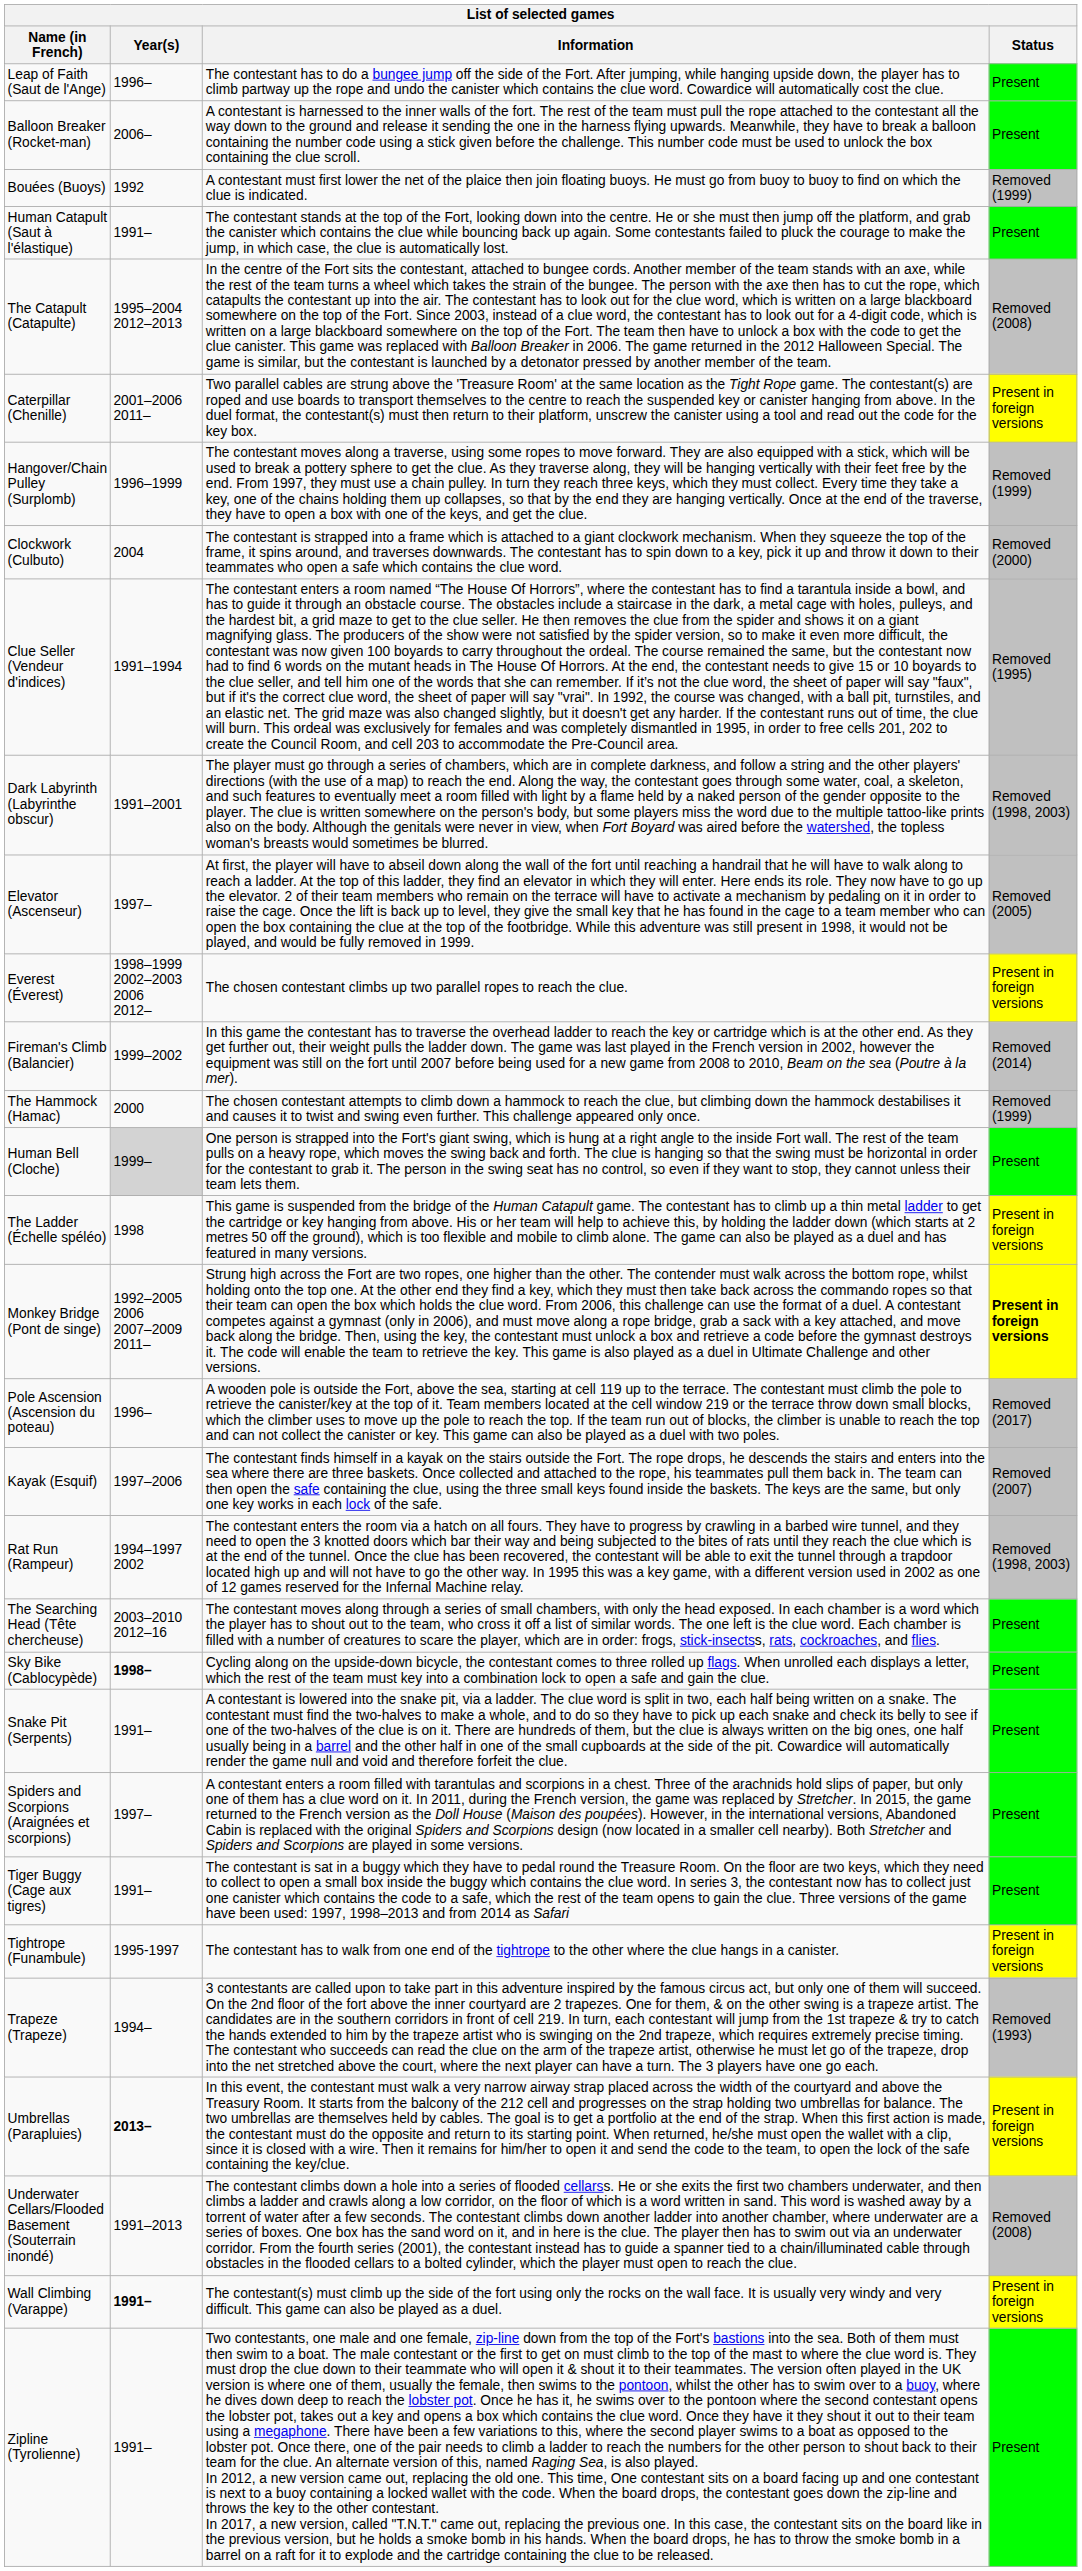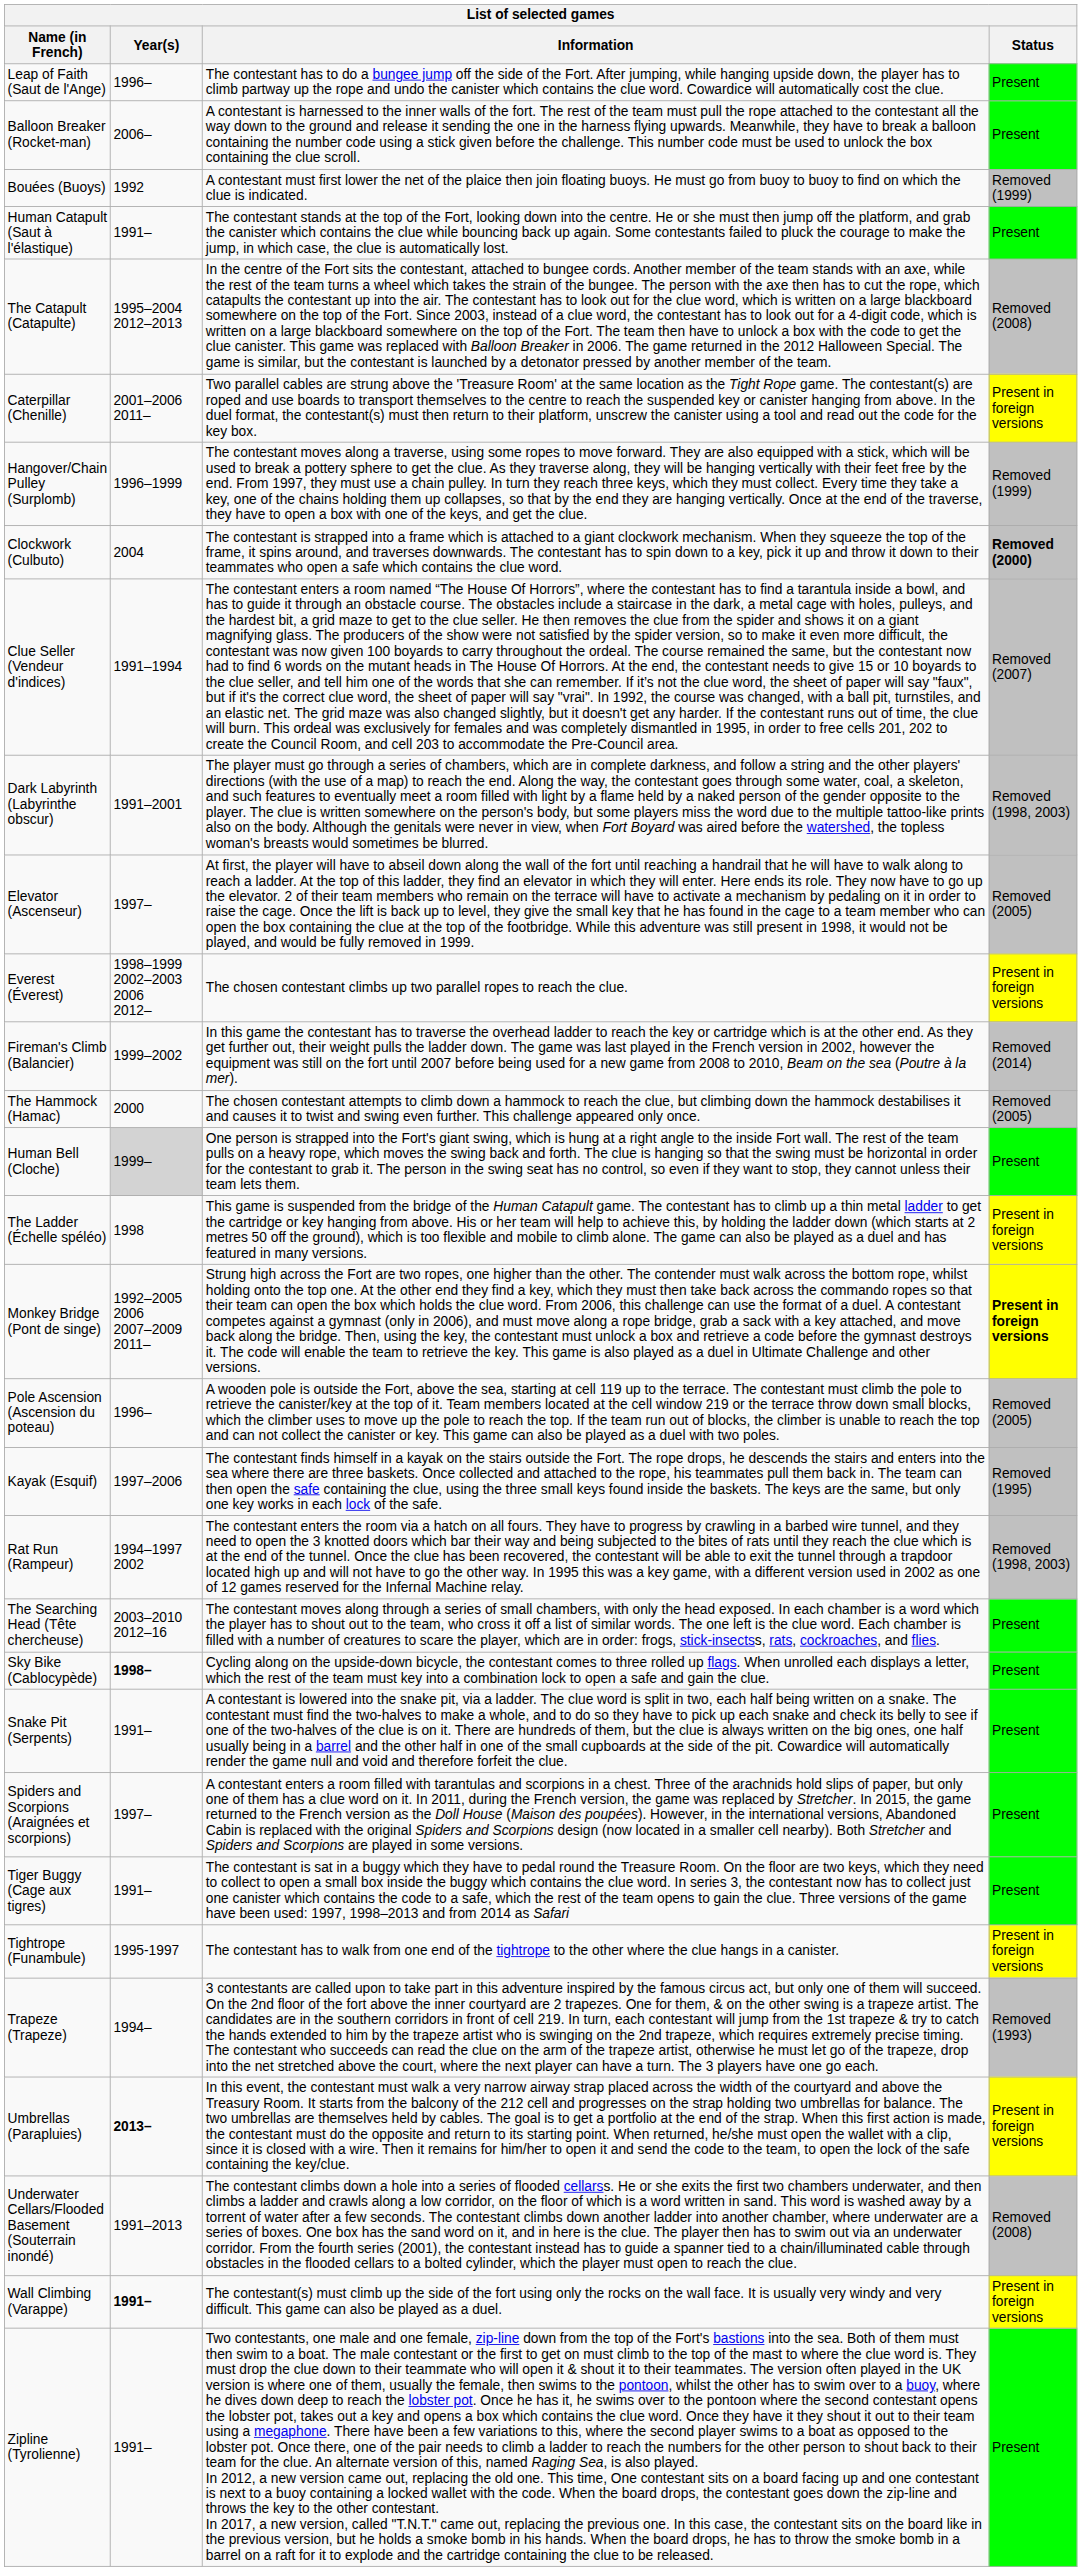 <table class="wikitable collapsible" text-align:center;>
 <tr>
 <th colspan="5">List of selected games</th>
 </tr>
 <tr>
 <th width="100">Name (in French)</th>
 <th width="100">Year(s)</th>
 <th>Information</th>
 <th width="95">Status</th>
 </tr>
 <tr>
 <td>Leap of Faith (Saut de l'Ange)</td>
 <td>1996–</td>
 <td>The contestant has to do a <a href='#'>bungee jump</a> off the side of the Fort. After jumping, while hanging upside down, the player has to climb partway up the rope and undo the canister which contains the clue word. Cowardice will automatically cost the clue.</td>
 <td style="background: lime">Present</td>
 </tr>
 <tr>
 <td>Balloon Breaker (Rocket-man)</td>
 <td>2006–</td>
 <td>A contestant is harnessed to the inner walls of the fort. The rest of the team must pull the rope attached to the contestant all the way down to the ground and release it sending the one in the harness flying upwards. Meanwhile, they have to break a balloon containing the number code using a stick given before the challenge. This number code must be used to unlock the box containing the clue scroll.</td>
 <td style="background: lime">Present</td>
 </tr>
 <tr>
 <td>Bouées (Buoys)</td>
 <td>1992</td>
 <td>A contestant must first lower the net of the plaice then join floating buoys. He must go from buoy to buoy to find on which the clue is indicated.</td>
 <td style="background: silver">Removed (1999)</td>
 </tr>
 <tr>
 <td>Human Catapult (Saut à l'élastique)</td>
 <td>1991–</td>
 <td>The contestant stands at the top of the Fort, looking down into the centre. He or she must then jump off the platform, and grab the canister which contains the clue while bouncing back up again. Some contestants failed to pluck the courage to make the jump, in which case, the clue is automatically lost.</td>
 <td style="background: lime">Present</td>
 </tr>
 <tr>
 <td>The Catapult (Catapulte)</td>
 <td>1995–2004<br>2012–2013</td>
 <td>In the centre of the Fort sits the contestant, attached to bungee cords. Another member of the team stands with an axe, while the rest of the team turns a wheel which takes the strain of the bungee. The person with the axe then has to cut the rope, which catapults the contestant up into the air. The contestant has to look out for the clue word, which is written on a large blackboard somewhere on the top of the Fort. Since 2003, instead of a clue word, the contestant has to look out for a 4-digit code, which is written on a large blackboard somewhere on the top of the Fort. The team then have to unlock a box with the code to get the clue canister. This game was replaced with <em>Balloon Breaker</em> in 2006. The game returned in the 2012 Halloween Special. The game is similar, but the contestant is launched by a detonator pressed by another member of the team.</td>
 <td style="background: silver">Removed (2008)</td>
 </tr>
 <tr>
 <td>Caterpillar (Chenille)</td>
 <td>2001–2006<br>2011–</td>
 <td>Two parallel cables are strung above the 'Treasure Room' at the same location as the <em>Tight Rope</em> game. The contestant(s) are roped and use boards to transport themselves to the centre to reach the suspended key or canister hanging from above. In the duel format, the contestant(s) must then return to their platform, unscrew the canister using a tool and read out the code for the key box.</td>
 <td style="background: yellow">Present in foreign versions</td>
 </tr>
 <tr>
 <td>Hangover/Chain Pulley (Surplomb)</td>
 <td>1996–1999</td>
 <td>The contestant moves along a traverse, using some ropes to move forward. They are also equipped with a stick, which will be used to break a pottery sphere to get the clue. As they traverse along, they will be hanging vertically with their feet free by the end. From 1997, they must use a chain pulley. In turn they reach three keys, which they must collect. Every time they take a key, one of the chains holding them up collapses, so that by the end they are hanging vertically. Once at the end of the traverse, they have to open a box with one of the keys, and get the clue.</td>
 <td style="background: silver">Removed (1999)</td>
 </tr>
 <tr>
 <td>Clockwork (Culbuto)</td>
 <td>2004</td>
 <td>The contestant is strapped into a frame which is attached to a giant clockwork mechanism. When they squeeze the top of the frame, it spins around, and traverses downwards. The contestant has to spin down to a key, pick it up and throw it down to their teammates who open a safe which contains the clue word.</td>
-<td style="background: silver">Removed (2000)</td>
+<td style="background: silver"><strong>Removed (2000)</strong></td>
 </tr>
 <tr>
 <td>Clue Seller (Vendeur d'indices)</td>
 <td>1991–1994</td>
 <td>The contestant enters a room named “The House Of Horrors”, where the contestant has to find a tarantula inside a bowl, and has to guide it through an obstacle course. The obstacles include a staircase in the dark, a metal cage with holes, pulleys, and the hardest bit, a grid maze to get to the clue seller. He then removes the clue from the spider and shows it on a giant magnifying glass. The producers of the show were not satisfied by the spider version, so to make it even more difficult, the contestant was now given 100 boyards to carry throughout the ordeal. The course remained the same, but the contestant now had to find 6 words on the mutant heads in The House Of Horrors. At the end, the contestant needs to give 15 or 10 boyards to the clue seller, and tell him one of the words that she can remember. If it’s not the clue word, the sheet of paper will say "faux", but if it's the correct clue word, the sheet of paper will say "vrai". In 1992, the course was changed, with a ball pit, turnstiles, and an elastic net. The grid maze was also changed slightly, but it doesn't get any harder. If the contestant runs out of time, the clue will burn. This ordeal was exclusively for females and was completely dismantled in 1995, in order to free cells 201, 202 to create the Council Room, and cell 203 to accommodate the Pre-Council area.</td>
-<td style="background: silver">Removed (1995)</td>
+<td style="background: silver">Removed <br>(2007)</td>
 </tr>
 <tr>
 <td>Dark Labyrinth (Labyrinthe obscur)</td>
 <td>1991–2001</td>
 <td>The player must go through a series of chambers, which are in complete darkness, and follow a string and the other players' directions (with the use of a map) to reach the end. Along the way, the contestant goes through some water, coal, a skeleton, and such features to eventually meet a room filled with light by a flame held by a naked person of the gender opposite to the player. The clue is written somewhere on the person's body, but some players miss the word due to the multiple tattoo-like prints also on the body. Although the genitals were never in view, when <em>Fort Boyard</em> was aired before the <a href='#'>watershed</a>, the topless woman's breasts would sometimes be blurred.</td>
 <td style="background: silver">Removed (1998, 2003)</td>
 </tr>
 <tr>
 <td>Elevator (Ascenseur)</td>
 <td>1997–</td>
 <td>At first, the player will have to abseil down along the wall of the fort until reaching a handrail that he will have to walk along to reach a ladder. At the top of this ladder, they find an elevator in which they will enter. Here ends its role. They now have to go up the elevator. 2 of their team members who remain on the terrace will have to activate a mechanism by pedaling on it in order to raise the cage. Once the lift is back up to level, they give the small key that he has found in the cage to a team member who can open the box containing the clue at the top of the footbridge. While this adventure was still present in 1998, it would not be played, and would be fully removed in 1999.</td>
 <td style="background: silver">Removed <br>(2005)</td>
 </tr>
 <tr>
 <td>Everest (Éverest)</td>
 <td>1998–1999<br>2002–2003<br>2006<br> 2012–</td>
 <td>The chosen contestant climbs up two parallel ropes to reach the clue.</td>
 <td style="background: yellow">Present in foreign versions</td>
 </tr>
 <tr>
 <td>Fireman's Climb (Balancier)</td>
 <td>1999–2002</td>
 <td>In this game the contestant has to traverse the overhead ladder to reach the key or cartridge which is at the other end. As they get further out, their weight pulls the ladder down. The game was last played in the French version in 2002, however the equipment was still on the fort until 2007 before being used for a new game from 2008 to 2010, <em>Beam on the sea</em> (<em>Poutre à la mer</em>).</td>
 <td style="background: silver">Removed (2014)</td>
 </tr>
 <tr>
 <td>The Hammock (Hamac)</td>
 <td>2000</td>
 <td>The chosen contestant attempts to climb down a hammock to reach the clue, but climbing down the hammock destabilises it and causes it to twist and swing even further. This challenge appeared only once.</td>
-<td style="background: silver">Removed (1999)</td>
+<td style="background: silver">Removed <br>(2005)</td>
 </tr>
 <tr>
 <td>Human Bell (Cloche)</td>
 <td style="background: lightgrey;">1999–</td>
 <td>One person is strapped into the Fort's giant swing, which is hung at a right angle to the inside Fort wall. The rest of the team pulls on a heavy rope, which moves the swing back and forth. The clue is hanging so that the swing must be horizontal in order for the contestant to grab it. The person in the swing seat has no control, so even if they want to stop, they cannot unless their team lets them.</td>
 <td style="background: lime">Present</td>
 </tr>
 <tr>
 <td>The Ladder (Échelle spéléo)</td>
 <td>1998</td>
 <td>This game is suspended from the bridge of the <em>Human Catapult</em> game. The contestant has to climb up a thin metal <a href='#'>ladder</a> to get the cartridge or key hanging from above. His or her team will help to achieve this, by holding the ladder down (which starts at 2 metres 50 off the ground), which is too flexible and mobile to climb alone. The game can also be played as a duel and has featured in many versions.</td>
 <td style="background: yellow">Present in foreign versions</td>
 </tr>
 <tr>
 <td>Monkey Bridge (Pont de singe)</td>
 <td>1992–2005<br>2006<br>2007–2009<br>2011–</td>
 <td>Strung high across the Fort are two ropes, one higher than the other. The contender must walk across the bottom rope, whilst holding onto the top one. At the other end they find a key, which they must then take back across the commando ropes so that their team can open the box which holds the clue word. From 2006, this challenge can use the format of a duel. A contestant competes against a gymnast (only in 2006), and must move along a rope bridge, grab a sack with a key attached, and move back along the bridge. Then, using the key, the contestant must unlock a box and retrieve a code before the gymnast destroys it. The code will enable the team to retrieve the key. This game is also played as a duel in Ultimate Challenge and other versions.</td>
 <td style="background: yellow"><strong>Present in foreign versions</strong></td>
 </tr>
 <tr>
 <td>Pole Ascension (Ascension du poteau)</td>
 <td>1996–</td>
 <td>A wooden pole is outside the Fort, above the sea, starting at cell 119 up to the terrace. The contestant must climb the pole to retrieve the canister/key at the top of it. Team members located at the cell window 219 or the terrace throw down small blocks, which the climber uses to move up the pole to reach the top. If the team run out of blocks, the climber is unable to reach the top and can not collect the canister or key. This game can also be played as a duel with two poles.</td>
-<td style="background: silver">Removed<br>(2017)</td>
+<td style="background: silver">Removed <br>(2005)</td>
 </tr>
 <tr>
 <td>Kayak (Esquif)</td>
 <td>1997–2006</td>
 <td>The contestant finds himself in a kayak on the stairs outside the Fort. The rope drops, he descends the stairs and enters into the sea where there are three baskets. Once collected and attached to the rope, his teammates pull them back in. The team can then open the <a href='#'>safe</a> containing the clue, using the three small keys found inside the baskets. The keys are the same, but only one key works in each <a href='#'>lock</a> of the safe.</td>
-<td style="background: silver">Removed <br>(2007)</td>
+<td style="background: silver">Removed (1995)</td>
 </tr>
 <tr>
 <td>Rat Run (Rampeur)</td>
 <td>1994–1997<br>2002</td>
 <td>The contestant enters the room via a hatch on all fours. They have to progress by crawling in a barbed wire tunnel, and they need to open the 3 knotted doors which bar their way and being subjected to the bites of rats until they reach the clue which is at the end of the tunnel. Once the clue has been recovered, the contestant will be able to exit the tunnel through a trapdoor located high up and will not have to go the other way. In 1995 this was a key game, with a different version used in 2002 as one of 12 games reserved for the Infernal Machine relay.</td>
 <td style="background: silver">Removed (1998, 2003)</td>
 </tr>
 <tr>
 <td>The Searching Head (Tête chercheuse)</td>
 <td>2003–2010<br>2012–16</td>
 <td>The contestant moves along through a series of small chambers, with only the head exposed. In each chamber is a word which the player has to shout out to the team, who cross it off a list of similar words. The one left is the clue word. Each chamber is filled with a number of creatures to scare the player, which are in order: frogs, <a href='#'>stick-insects</a>s, <a href='#'>rats</a>, <a href='#'>cockroaches</a>, and <a href='#'>flies</a>.</td>
 <td style="background: lime">Present</td>
 </tr>
 <tr>
 <td>Sky Bike (Cablocypède)</td>
 <td><strong>1998–</strong></td>
 <td>Cycling along on the upside-down bicycle, the contestant comes to three rolled up <a href='#'>flags</a>. When unrolled each displays a letter, which the rest of the team must key into a combination lock to open a safe and gain the clue.</td>
 <td style="background: lime">Present</td>
 </tr>
 <tr>
 <td>Snake Pit (Serpents)</td>
 <td>1991–</td>
 <td>A contestant is lowered into the snake pit, via a ladder. The clue word is split in two, each half being written on a snake. The contestant must find the two-halves to make a whole, and to do so they have to pick up each snake and check its belly to see if one of the two-halves of the clue is on it. There are hundreds of them, but the clue is always written on the big ones, one half usually being in a <a href='#'>barrel</a> and the other half in one of the small cupboards at the side of the pit. Cowardice will automatically render the game null and void and therefore forfeit the clue.</td>
 <td style="background: lime">Present</td>
 </tr>
 <tr>
 <td>Spiders and Scorpions (Araignées et scorpions)</td>
 <td>1997–</td>
 <td>A contestant enters a room filled with tarantulas and scorpions in a chest. Three of the arachnids hold slips of paper, but only one of them has a clue word on it. In 2011, during the French version, the game was replaced by <em>Stretcher</em>. In 2015, the game returned to the French version as the <em>Doll House</em> (<em>Maison des poupées</em>). However, in the international versions, Abandoned Cabin is replaced with the original <em>Spiders and Scorpions</em> design (now located in a smaller cell nearby). Both <em>Stretcher</em> and <em>Spiders and Scorpions</em> are played in some versions.</td>
 <td style="background: lime">Present</td>
 </tr>
 <tr>
 <td>Tiger Buggy (Cage aux tigres)</td>
 <td>1991–</td>
 <td>The contestant is sat in a buggy which they have to pedal round the Treasure Room. On the floor are two keys, which they need to collect to open a small box inside the buggy which contains the clue word. In series 3, the contestant now has to collect just one canister which contains the code to a safe, which the rest of the team opens to gain the clue. Three versions of the game have been used: 1997, 1998–2013 and from 2014 as <em>Safari</em></td>
 <td style="background: lime">Present</td>
 </tr>
 <tr>
 <td>Tightrope (Funambule)</td>
 <td>1995-1997</td>
 <td>The contestant has to walk from one end of the <a href='#'>tightrope</a> to the other where the clue hangs in a canister.</td>
 <td style="background: yellow">Present in foreign versions</td>
 </tr>
 <tr>
 <td>Trapeze (Trapeze)</td>
 <td>1994–</td>
 <td>3 contestants are called upon to take part in this adventure inspired by the famous circus act, but only one of them will succeed. On the 2nd floor of the fort above the inner courtyard are 2 trapezes. One for them, & on the other swing is a trapeze artist. The candidates are in the southern corridors in front of cell 219. In turn, each contestant will jump from the 1st trapeze & try to catch the hands extended to him by the trapeze artist who is swinging on the 2nd trapeze, which requires extremely precise timing. The contestant who succeeds can read the clue on the arm of the trapeze artist, otherwise he must let go of the trapeze, drop into the net stretched above the court, where the next player can have a turn. The 3 players have one go each.</td>
 <td style="background: silver">Removed (1993)</td>
 </tr>
 <tr>
 <td>Umbrellas (Parapluies)</td>
 <td><strong>2013–</strong></td>
 <td>In this event, the contestant must walk a very narrow airway strap placed across the width of the courtyard and above the Treasury Room. It starts from the balcony of the 212 cell and progresses on the strap holding two umbrellas for balance. The two umbrellas are themselves held by cables. The goal is to get a portfolio at the end of the strap. When this first action is made, the contestant must do the opposite and return to its starting point. When returned, he/she must open the wallet with a clip, since it is closed with a wire. Then it remains for him/her to open it and send the code to the team, to open the lock of the safe containing the key/clue.</td>
 <td style="background: yellow">Present in foreign versions</td>
 </tr>
 <tr>
 <td>Underwater Cellars/Flooded Basement (Souterrain inondé)</td>
 <td>1991–2013</td>
 <td>The contestant climbs down a hole into a series of flooded <a href='#'>cellars</a>s. He or she exits the first two chambers underwater, and then climbs a ladder and crawls along a low corridor, on the floor of which is a word written in sand. This word is washed away by a torrent of water after a few seconds. The contestant climbs down another ladder into another chamber, where underwater are a series of boxes. One box has the sand word on it, and in here is the clue. The player then has to swim out via an underwater corridor. From the fourth series (2001), the contestant instead has to guide a spanner tied to a chain/illuminated cable through obstacles in the flooded cellars to a bolted cylinder, which the player must open to reach the clue.</td>
 <td style="background: silver">Removed (2008)</td>
 </tr>
 <tr>
 <td>Wall Climbing (Varappe)</td>
 <td><strong>1991–</strong></td>
 <td>The contestant(s) must climb up the side of the fort using only the rocks on the wall face. It is usually very windy and very difficult. This game can also be played as a duel.</td>
 <td style="background: yellow">Present in foreign versions</td>
 </tr>
 <tr>
 <td>Zipline (Tyrolienne)</td>
 <td>1991–</td>
 <td>Two contestants, one male and one female, <a href='#'>zip-line</a> down from the top of the Fort's <a href='#'>bastions</a> into the sea. Both of them must then swim to a boat. The male contestant or the first to get on must climb to the top of the mast to where the clue word is. They must drop the clue down to their teammate who will open it & shout it to their teammates. The version often played in the UK version is where one of them, usually the female, then swims to the <a href='#'>pontoon</a>, whilst the other has to swim over to a <a href='#'>buoy</a>, where he dives down deep to reach the <a href='#'>lobster pot</a>. Once he has it, he swims over to the pontoon where the second contestant opens the lobster pot, takes out a key and opens a box which contains the clue word. Once they have it they shout it out to their team using a <a href='#'>megaphone</a>. There have been a few variations to this, where the second player swims to a boat as opposed to the lobster pot. Once there, one of the pair needs to climb a ladder to reach the numbers for the other person to shout back to their team for the clue. An alternate version of this, named <em>Raging Sea</em>, is also played. <br>In 2012, a new version came out, replacing the old one. This time, One contestant sits on a board facing up and one contestant is next to a buoy containing a locked wallet with the code. When the board drops, the contestant goes down the zip-line and throws the key to the other contestant. <br>In 2017, a new version, called "T.N.T." came out, replacing the previous one. In this case, the contestant sits on the board like in the previous version, but he holds a smoke bomb in his hands. When the board drops, he has to throw the smoke bomb in a barrel on a raft for it to explode and the cartridge containing the clue to be released.</td>
 <td style="background: lime">Present</td>
 </tr>
 </table>
